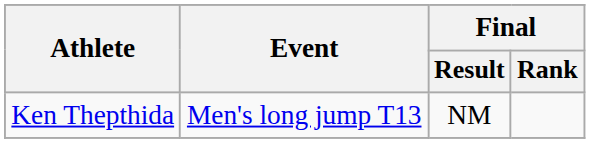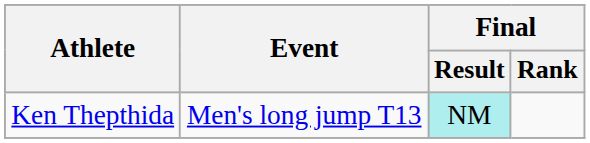 <table class="wikitable" style="text-align: center; font-size:90%">
 <tr>
 <th rowspan="2">Athlete</th>
 <th rowspan="2">Event</th>
 <th colspan="2">Final</th>
 </tr>
 <tr style="font-size:95%">
 <th>Result</th>
 <th>Rank</th>
 </tr>
 <tr>
 <td align=left><a href='#'>Ken Thepthida</a></td>
 <td align=left><a href='#'>Men's long jump T13</a></td>
-<td>NM</td>
+<td style="background: paleturquoise;">NM</td>
 <td></td>
 </tr>
 </table>
